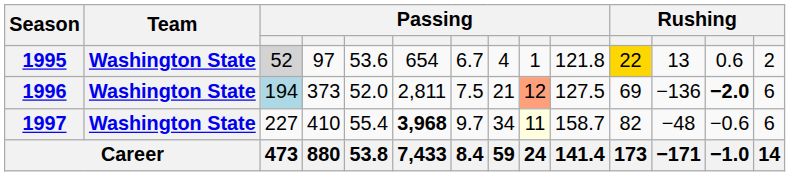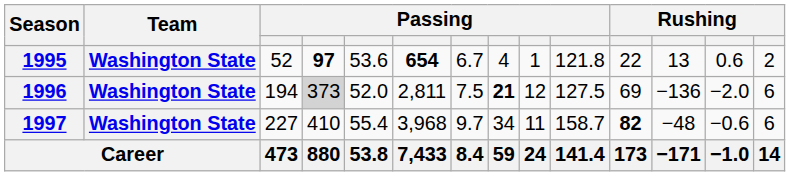 <table class="wikitable" style="text-align:center;">
 <tr>
 <th rowspan="2">Season</th>
 <th rowspan="2">Team</th>
 <th colspan="8">Passing</th>
 <th colspan="4">Rushing</th>
 </tr>
 <tr>
 <th></th>
 <th></th>
 <th></th>
 <th></th>
 <th></th>
 <th></th>
 <th></th>
 <th></th>
 <th></th>
 <th></th>
 <th></th>
 <th></th>
 </tr>
 <tr>
 <th><a href='#'>1995</a></th>
 <th><a href='#'>Washington State</a></th>
-<td style="background: lightgrey;">52</td>
-<td>97</td>
+<td>52</td>
+<td><strong>97</strong></td>
 <td>53.6</td>
-<td>654</td>
+<td><strong>654</strong></td>
 <td>6.7</td>
 <td>4</td>
 <td>1</td>
 <td>121.8</td>
-<td style="background: gold;">22</td>
+<td>22</td>
 <td>13</td>
 <td>0.6</td>
 <td>2</td>
 </tr>
 <tr>
 <th><a href='#'>1996</a></th>
 <th><a href='#'>Washington State</a></th>
-<td style="background: lightblue;">194</td>
-<td>373</td>
+<td>194</td>
+<td style="background: lightgrey;">373</td>
 <td>52.0</td>
 <td>2,811</td>
 <td>7.5</td>
-<td>21</td>
-<td style="background: lightsalmon;">12</td>
+<td><strong>21</strong></td>
+<td>12</td>
 <td>127.5</td>
 <td>69</td>
 <td>−136</td>
-<td><strong>−2.0</strong></td>
+<td>−2.0</td>
 <td>6</td>
 </tr>
 <tr>
 <th><a href='#'>1997</a></th>
 <th><a href='#'>Washington State</a></th>
 <td>227</td>
 <td>410</td>
 <td>55.4</td>
-<td><strong>3,968</strong></td>
+<td>3,968</td>
 <td>9.7</td>
 <td>34</td>
-<td style="background: lightyellow;">11</td>
+<td>11</td>
 <td>158.7</td>
-<td>82</td>
+<td><strong>82</strong></td>
 <td>−48</td>
 <td>−0.6</td>
 <td>6</td>
 </tr>
 <tr>
 <th colspan="2">Career</th>
 <th>473</th>
 <th>880</th>
 <th>53.8</th>
 <th>7,433</th>
 <th>8.4</th>
 <th>59</th>
 <th>24</th>
 <th>141.4</th>
 <th>173</th>
 <th>−171</th>
 <th>−1.0</th>
 <th>14</th>
 </tr>
 </table>
